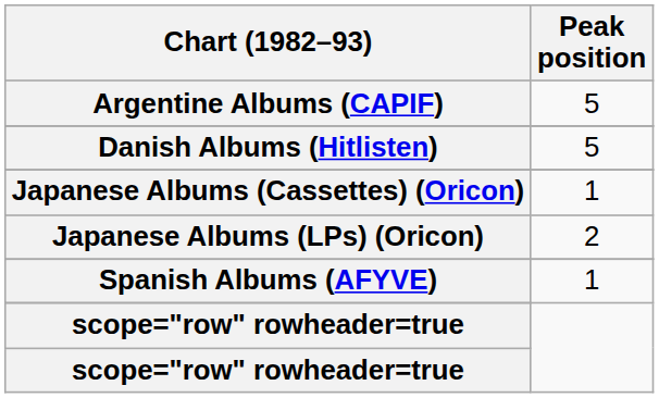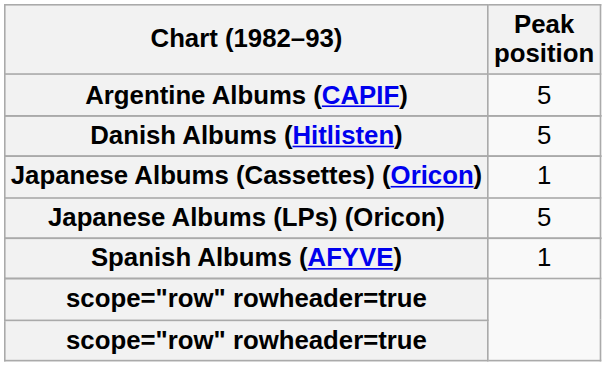 <table class="wikitable sortable plainrowheaders" style="text-align:center">
 <tr>
 <th scope="col">Chart (1982–93)</th>
 <th scope="col">Peak<br>position</th>
 </tr>
 <tr>
 <th scope="row">Argentine Albums (<a href='#'>CAPIF</a>)</th>
 <td>5</td>
 </tr>
 <tr>
 </tr>
 <tr>
 <th scope="row">Danish Albums (<a href='#'>Hitlisten</a>)</th>
 <td>5</td>
 </tr>
 <tr>
 </tr>
 <tr>
 </tr>
 <tr>
 <th scope="row">Japanese Albums (Cassettes) (<a href='#'>Oricon</a>)</th>
 <td>1</td>
 </tr>
 <tr>
 <th scope="row">Japanese Albums (LPs) (Oricon)</th>
-<td>2</td>
+<td>5</td>
 </tr>
 <tr>
 </tr>
 <tr>
 </tr>
 <tr>
 <th scope="row">Spanish Albums (<a href='#'>AFYVE</a>)</th>
 <td>1</td>
 </tr>
 <tr>
 </tr>
 <tr>
 <th>scope="row" rowheader=true</th>
 </tr>
 <tr>
 <th>scope="row" rowheader=true</th>
 </tr>
 </table>
